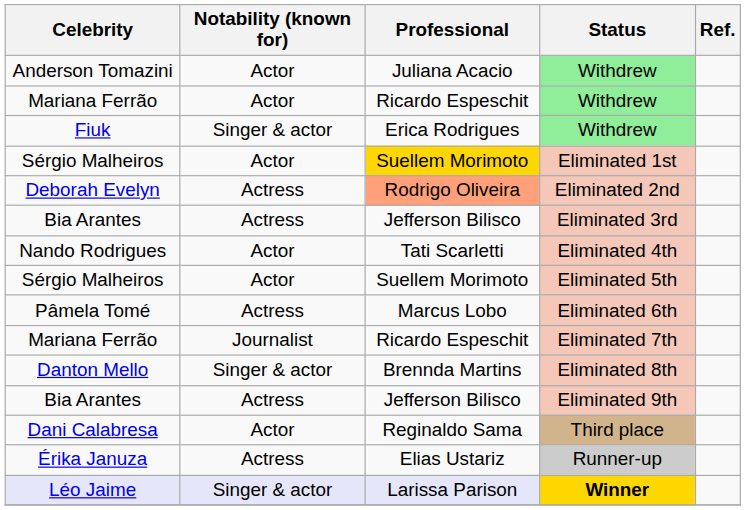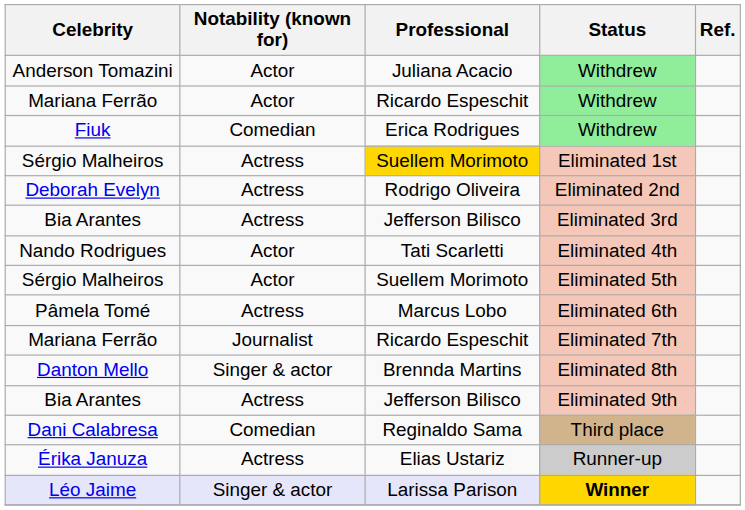 <table class= "wikitable sortable" style="text-align: center; margin:1em auto; align: center">
 <tr>
 <th width=140>Celebrity</th>
 <th width=150>Notability (known for)</th>
 <th width=140>Professional</th>
 <th width=125>Status</th>
 <th width=015>Ref.</th>
 </tr>
 <tr>
 <td>Anderson Tomazini</td>
 <td>Actor</td>
 <td>Juliana Acacio</td>
 <td bgcolor=90EE9B>Withdrew <br> </td>
 <td></td>
 </tr>
 <tr>
 <td>Mariana Ferrão <br> </td>
 <td>Actor</td>
 <td>Ricardo Espeschit</td>
 <td bgcolor=90EE9B>Withdrew <br> </td>
 <td></td>
 </tr>
 <tr>
 <td><a href='#'>Fiuk</a></td>
-<td>Singer & actor</td>
+<td>Comedian</td>
 <td>Erica Rodrigues</td>
 <td bgcolor=90EE9B>Withdrew <br> </td>
 <td></td>
 </tr>
 <tr>
 <td>Sérgio Malheiros <br> </td>
-<td>Actor</td>
+<td>Actress</td>
 <td style="background: gold;">Suellem Morimoto<br></td>
 <td bgcolor=F4C7B8>Eliminated 1st <br> </td>
 <td></td>
 </tr>
 <tr>
 <td><a href='#'>Deborah Evelyn</a></td>
 <td>Actress</td>
-<td style="background: lightsalmon;">Rodrigo Oliveira</td>
+<td>Rodrigo Oliveira</td>
 <td bgcolor=F4C7B8>Eliminated 2nd <br> </td>
 <td></td>
 </tr>
 <tr>
 <td>Bia Arantes <br> </td>
 <td>Actress</td>
 <td>Jefferson Bilisco</td>
 <td bgcolor=F4C7B8>Eliminated 3rd <br> </td>
 <td></td>
 </tr>
 <tr>
 <td>Nando Rodrigues</td>
 <td>Actor</td>
 <td>Tati Scarletti</td>
 <td bgcolor=F4C7B8>Eliminated 4th <br> </td>
 <td></td>
 </tr>
 <tr>
 <td>Sérgio Malheiros</td>
 <td>Actor</td>
 <td>Suellem Morimoto</td>
 <td bgcolor=F4C7B8>Eliminated 5th <br> </td>
 <td></td>
 </tr>
 <tr>
 <td>Pâmela Tomé</td>
 <td>Actress</td>
 <td>Marcus Lobo</td>
 <td bgcolor=F4C7B8>Eliminated 6th <br> </td>
 <td></td>
 </tr>
 <tr>
 <td>Mariana Ferrão</td>
 <td>Journalist</td>
 <td>Ricardo Espeschit</td>
 <td bgcolor=F4C7B8>Eliminated 7th <br> </td>
 <td></td>
 </tr>
 <tr>
 <td><a href='#'>Danton Mello</a></td>
 <td>Singer & actor</td>
 <td>Brennda Martins</td>
 <td bgcolor=F4C7B8>Eliminated 8th <br> </td>
 <td></td>
 </tr>
 <tr>
 <td>Bia Arantes</td>
 <td>Actress</td>
 <td>Jefferson Bilisco</td>
 <td bgcolor=F4C7B8>Eliminated 9th <br> </td>
 <td></td>
 </tr>
 <tr>
 <td><a href='#'>Dani Calabresa</a></td>
-<td>Actor</td>
+<td>Comedian</td>
 <td>Reginaldo Sama</td>
 <td bgcolor=D2B48C>Third place <br> </td>
 <td></td>
 </tr>
 <tr>
 <td><a href='#'>Érika Januza</a></td>
 <td>Actress</td>
 <td>Elias Ustariz</td>
 <td bgcolor=CCCCCC>Runner-up <br> </td>
 <td></td>
 </tr>
 <tr>
 <td bgcolor=E6E6FA><a href='#'>Léo Jaime</a></td>
 <td bgcolor=E6E6FA>Singer & actor</td>
 <td bgcolor=E6E6FA>Larissa Parison</td>
 <td bgcolor=FFD700><strong>Winner</strong> <br> </td>
 <td></td>
 </tr>
 <tr>
 </tr>
 </table>
